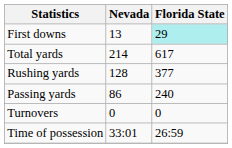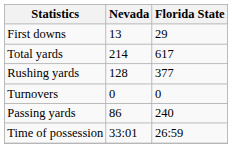 <table class="wikitable">
 <tr>
 <th>Statistics</th>
 <th>Nevada</th>
 <th>Florida State</th>
 </tr>
 <tr>
 <td>First downs</td>
 <td>13</td>
-<td style="background: paleturquoise;">29</td>
+<td>29</td>
 </tr>
 <tr>
 <td>Total yards</td>
 <td>214</td>
 <td>617</td>
 </tr>
 <tr>
 <td>Rushing yards</td>
 <td>128</td>
 <td>377</td>
 </tr>
 <tr>
+<td>Turnovers</td>
+<td>0</td>
+<td>0</td>
+</tr>
+<tr>
 <td>Passing yards</td>
 <td>86</td>
 <td>240</td>
-</tr>
-<tr>
-<td>Turnovers</td>
-<td>0</td>
-<td>0</td>
 </tr>
 <tr>
 <td>Time of possession</td>
 <td>33:01</td>
 <td>26:59</td>
 </tr>
 <tr>
 </tr>
 </table>
